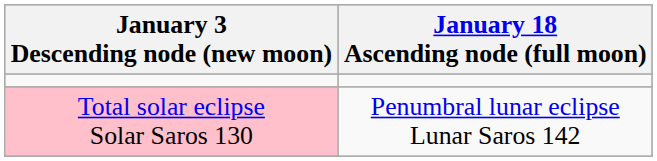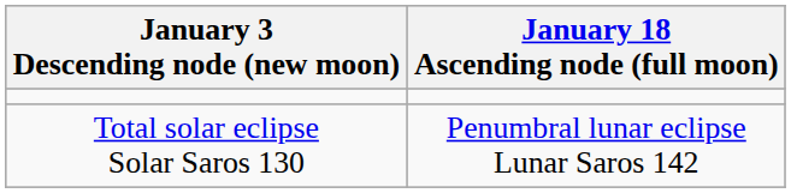 <table class="wikitable">
 <tr>
 <th>January 3<br>Descending node (new moon)</th>
 <th><a href='#'>January 18</a><br>Ascending node (full moon)</th>
 </tr>
 <tr>
 <td></td>
 <td></td>
 </tr>
 <tr align=center>
-<td style="background: pink;"><a href='#'>Total solar eclipse</a><br>Solar Saros 130</td>
+<td><a href='#'>Total solar eclipse</a><br>Solar Saros 130</td>
 <td><a href='#'>Penumbral lunar eclipse</a><br>Lunar Saros 142</td>
 </tr>
 </table>
